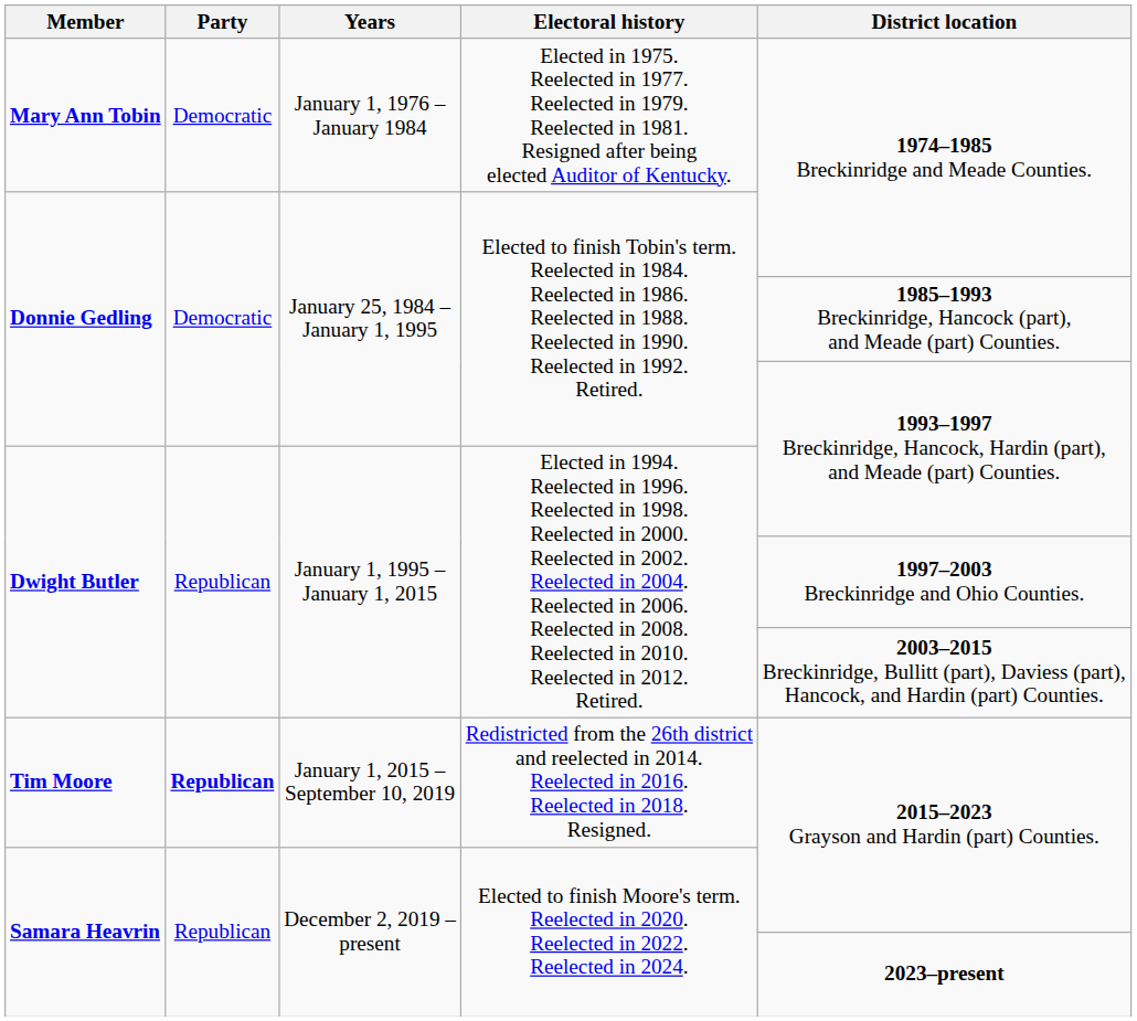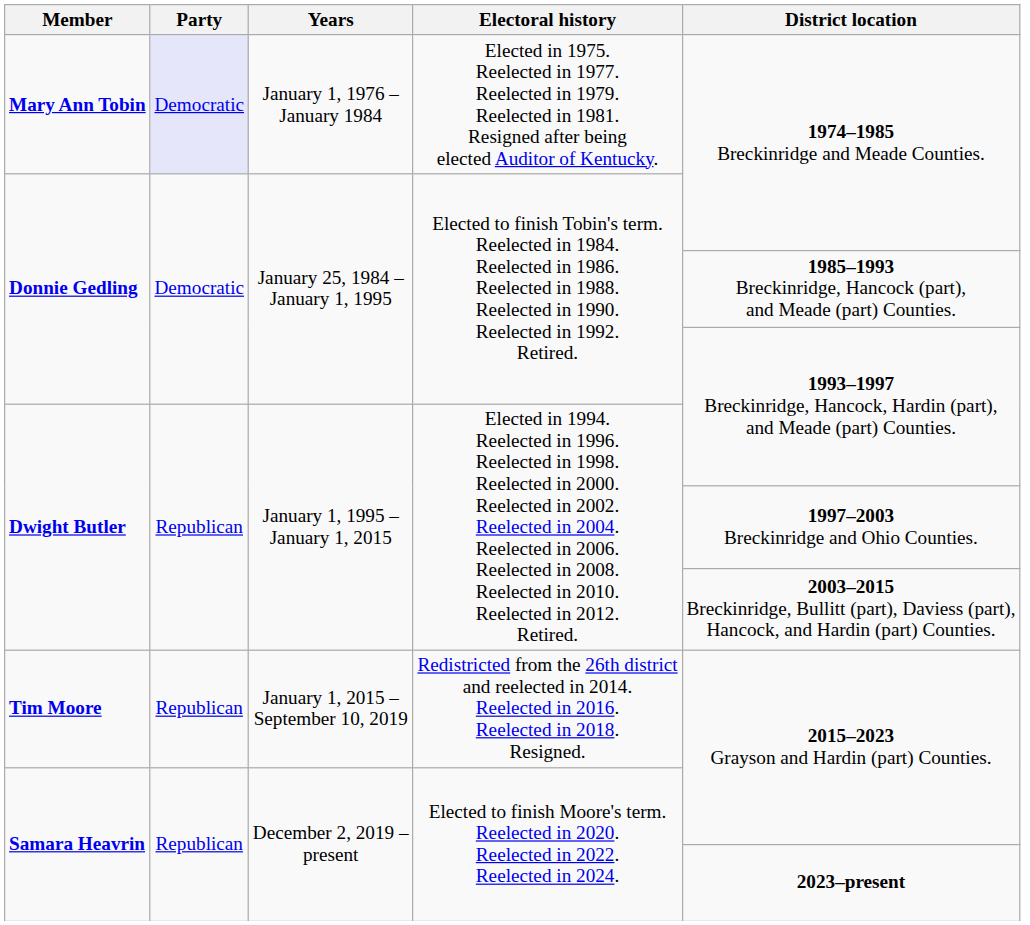 <table class=wikitable style="text-align:center">
 <tr>
 <th>Member</th>
 <th>Party</th>
 <th>Years</th>
 <th>Electoral history</th>
 <th>District location</th>
 </tr>
 <tr style="height:4em">
 <td align=left><strong><a href='#'>Mary Ann Tobin</a></strong><br></td>
-<td><a href='#'>Democratic</a></td>
+<td style="background: lavender;"><a href='#'>Democratic</a></td>
 <td nowrap>January 1, 1976 –<br>January 1984</td>
 <td>Elected in 1975.<br>Reelected in 1977.<br>Reelected in 1979.<br>Reelected in 1981.<br>Resigned after being<br>elected <a href='#'>Auditor of Kentucky</a>.</td>
 <td rowspan=2><strong>1974–1985</strong><br>Breckinridge and Meade Counties.</td>
 </tr>
 <tr style="height:4em">
 <td rowspan=3 align=left><strong><a href='#'>Donnie Gedling</a></strong><br></td>
 <td rowspan=3 ><a href='#'>Democratic</a></td>
 <td rowspan=3 nowrap>January 25, 1984 –<br>January 1, 1995</td>
 <td rowspan=3>Elected to finish Tobin's term.<br>Reelected in 1984.<br>Reelected in 1986.<br>Reelected in 1988.<br>Reelected in 1990.<br>Reelected in 1992.<br>Retired.</td>
 </tr>
 <tr style="height:4em">
 <td><strong>1985–1993</strong><br>Breckinridge, Hancock (part),<br>and Meade (part) Counties.</td>
 </tr>
 <tr style="height:4em">
 <td rowspan=2><strong>1993–1997</strong><br>Breckinridge, Hancock, Hardin (part),<br>and Meade (part) Counties.</td>
 </tr>
 <tr style="height:4em">
 <td rowspan=3 align=left><strong><a href='#'>Dwight Butler</a></strong><br></td>
 <td rowspan=3 ><a href='#'>Republican</a></td>
 <td rowspan=3 nowrap>January 1, 1995 –<br>January 1, 2015</td>
 <td rowspan=3>Elected in 1994.<br>Reelected in 1996.<br>Reelected in 1998.<br>Reelected in 2000.<br>Reelected in 2002.<br><a href='#'>Reelected in 2004</a>.<br>Reelected in 2006.<br>Reelected in 2008.<br>Reelected in 2010.<br>Reelected in 2012.<br>Retired.</td>
 </tr>
 <tr style="height:4em">
 <td><strong>1997–2003</strong><br>Breckinridge and Ohio Counties.</td>
 </tr>
 <tr style="height:4em">
 <td><strong>2003–2015</strong><br>Breckinridge, Bullitt (part), Daviess (part),<br>Hancock, and Hardin (part) Counties.</td>
 </tr>
 <tr style="height:4em">
 <td align=left><strong><a href='#'>Tim Moore</a></strong><br></td>
-<td><strong><a href='#'>Republican</a></strong></td>
+<td><a href='#'>Republican</a></td>
 <td nowrap>January 1, 2015 –<br>September 10, 2019</td>
 <td><a href='#'>Redistricted</a> from the <a href='#'>26th district</a><br>and reelected in 2014.<br><a href='#'>Reelected in 2016</a>.<br><a href='#'>Reelected in 2018</a>.<br>Resigned.</td>
 <td rowspan=2><strong>2015–2023</strong><br>Grayson and Hardin (part) Counties.</td>
 </tr>
 <tr style="height:4em">
 <td rowspan=2 align=left><strong><a href='#'>Samara Heavrin</a></strong><br></td>
 <td rowspan=2 ><a href='#'>Republican</a></td>
 <td rowspan=2 nowrap>December 2, 2019 –<br>present</td>
 <td rowspan=2>Elected to finish Moore's term.<br><a href='#'>Reelected in 2020</a>.<br><a href='#'>Reelected in 2022</a>.<br><a href='#'>Reelected in 2024</a>.</td>
 </tr>
 <tr style="height:4em">
 <td><strong>2023–present</strong><br></td>
 </tr>
 </table>
